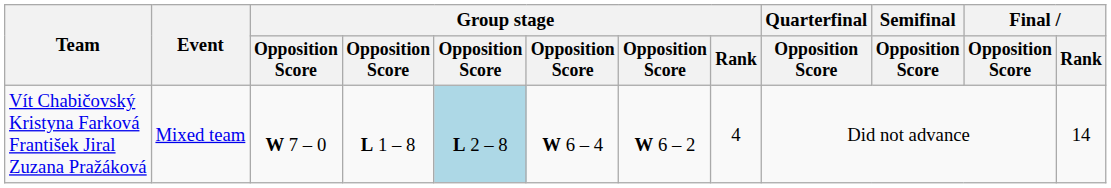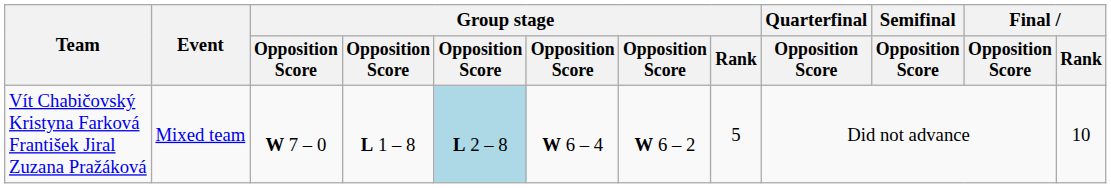 <table class="wikitable" style="font-size:90%">
 <tr>
 <th rowspan=2>Team</th>
 <th rowspan=2>Event</th>
 <th colspan=6>Group stage</th>
 <th>Quarterfinal</th>
 <th>Semifinal</th>
 <th colspan=2>Final / </th>
 </tr>
 <tr style="font-size:95%">
 <th>Opposition<br>Score</th>
 <th>Opposition<br>Score</th>
 <th>Opposition<br>Score</th>
 <th>Opposition<br>Score</th>
 <th>Opposition<br>Score</th>
 <th>Rank</th>
 <th>Opposition<br>Score</th>
 <th>Opposition<br>Score</th>
 <th>Opposition<br>Score</th>
 <th>Rank</th>
 </tr>
 <tr align=center>
 <td align=left><a href='#'>Vít Chabičovský</a><br><a href='#'>Kristyna Farková</a><br><a href='#'>František Jiral</a><br><a href='#'>Zuzana Pražáková</a></td>
 <td align=left><a href='#'>Mixed team</a></td>
 <td><br><strong>W</strong> 7 – 0</td>
 <td><br><strong>L</strong> 1 – 8</td>
 <td style="background: lightblue;"><br><strong>L</strong> 2 – 8</td>
 <td><br><strong>W</strong> 6 – 4</td>
 <td><br><strong>W</strong> 6 – 2</td>
-<td>4</td>
+<td>5</td>
 <td align=center colspan=3>Did not advance</td>
-<td>14</td>
+<td>10</td>
 </tr>
 </table>
